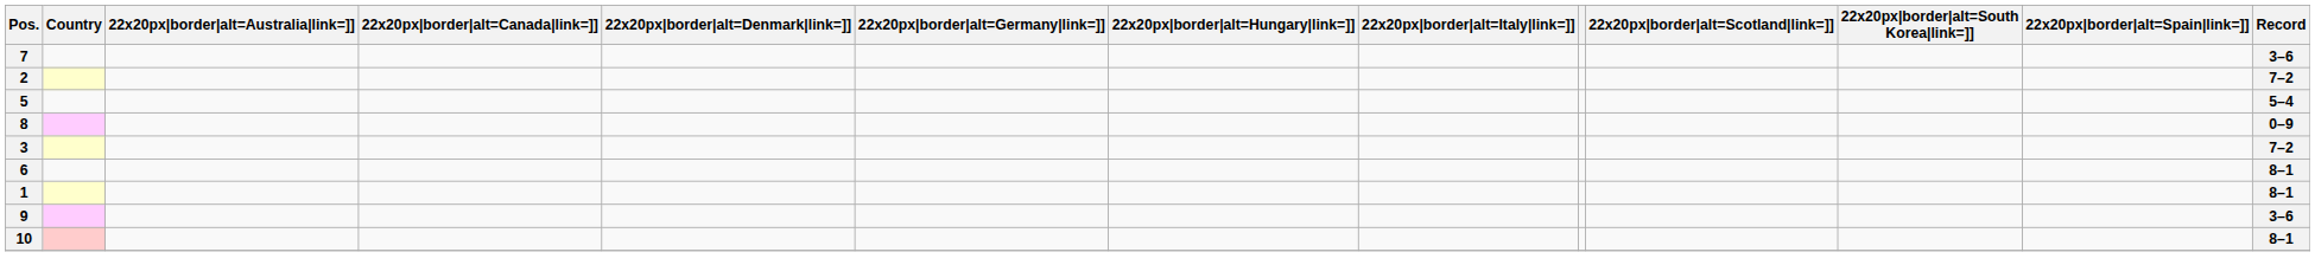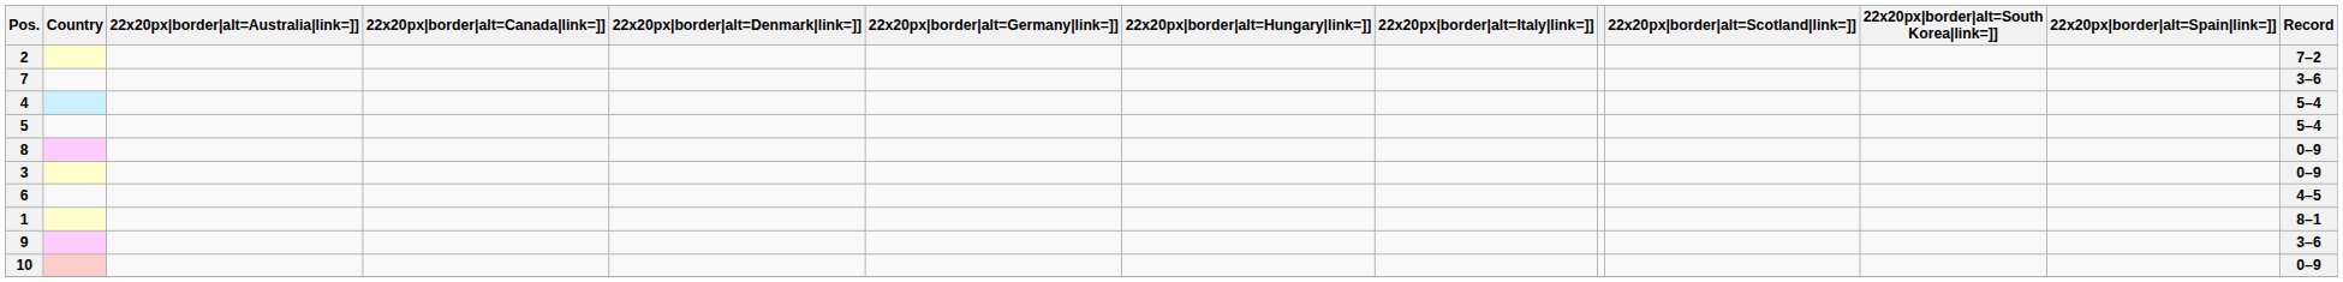 <table class="wikitable sortable nowrap" style="text-align:center; font-size:0.9em">
 <tr>
 <th>Pos.</th>
 <th>Country</th>
 <th [[Image:>22x20px|border|alt=Australia|link=]]</th>
 <th [[Image:>22x20px|border|alt=Canada|link=]]</th>
 <th [[Image:>22x20px|border|alt=Denmark|link=]]</th>
 <th [[Image:>22x20px|border|alt=Germany|link=]]</th>
 <th [[Image:>22x20px|border|alt=Hungary|link=]]</th>
 <th [[Image:>22x20px|border|alt=Italy|link=]]</th>
 <th></th>
 <th [[Image:>22x20px|border|alt=Scotland|link=]]</th>
 <th [[Image:>22x20px|border|alt=South Korea|link=]]</th>
 <th [[Image:>22x20px|border|alt=Spain|link=]]</th>
 <th>Record</th>
 </tr>
 <tr>
+<th>2</th>
+<td style="text-align:left; background:#ffffcc;"></td>
+<td></td>
+<td></td>
+<td></td>
+<td></td>
+<td></td>
+<td></td>
+<td></td>
+<td></td>
+<td></td>
+<td></td>
+<th>7–2</th>
+</tr>
+<tr>
 <th>7</th>
 <td style="text-align:left;"></td>
 <td></td>
 <td></td>
 <td></td>
 <td></td>
 <td></td>
 <td></td>
 <td></td>
 <td></td>
 <td></td>
 <td></td>
 <th>3–6</th>
 </tr>
 <tr>
-<th>2</th>
-<td style="text-align:left; background:#ffffcc;"></td>
+<th>4</th>
+<td style="text-align:left; background:#ccf0ff"></td>
 <td></td>
 <td></td>
 <td></td>
 <td></td>
 <td></td>
 <td></td>
 <td></td>
 <td></td>
 <td></td>
 <td></td>
-<th>7–2</th>
+<th>5–4</th>
 </tr>
 <tr>
 <th>5</th>
 <td style="text-align:left;"></td>
 <td></td>
 <td></td>
 <td></td>
 <td></td>
 <td></td>
 <td></td>
 <td></td>
 <td></td>
 <td></td>
 <td></td>
 <th>5–4</th>
 </tr>
 <tr>
 <th>8</th>
 <td style="text-align:left; background:#fcf;"></td>
 <td></td>
 <td></td>
 <td></td>
 <td></td>
 <td></td>
 <td></td>
 <td></td>
 <td></td>
 <td></td>
 <td></td>
 <th>0–9</th>
 </tr>
 <tr>
 <th>3</th>
 <td style="text-align:left; background:#ffffcc;"></td>
 <td></td>
 <td></td>
 <td></td>
 <td></td>
 <td></td>
 <td></td>
 <td></td>
 <td></td>
 <td></td>
 <td></td>
-<th>7–2</th>
+<th>0–9</th>
 </tr>
 <tr>
 <th>6</th>
 <td style="text-align:left;"> </td>
 <td></td>
 <td></td>
 <td></td>
 <td></td>
 <td></td>
 <td></td>
 <td></td>
 <td></td>
 <td></td>
 <td></td>
-<th>8–1</th>
+<th>4–5</th>
 </tr>
 <tr>
 <th>1</th>
 <td style="text-align:left; background:#ffffcc;"></td>
 <td></td>
 <td></td>
 <td></td>
 <td></td>
 <td></td>
 <td></td>
 <td></td>
 <td></td>
 <td></td>
 <td></td>
 <th>8–1</th>
 </tr>
 <tr>
 <th>9</th>
 <td style="text-align:left; background:#fcf;"></td>
 <td></td>
 <td></td>
 <td></td>
 <td></td>
 <td></td>
 <td></td>
 <td></td>
 <td></td>
 <td></td>
 <td></td>
 <th>3–6</th>
 </tr>
 <tr>
 <th>10</th>
 <td style="text-align:left; background:#fcc;"></td>
 <td></td>
 <td></td>
 <td></td>
 <td></td>
 <td></td>
 <td></td>
 <td></td>
 <td></td>
 <td></td>
 <td></td>
-<th>8–1</th>
+<th>0–9</th>
 </tr>
 <tr>
 </tr>
 </table>
